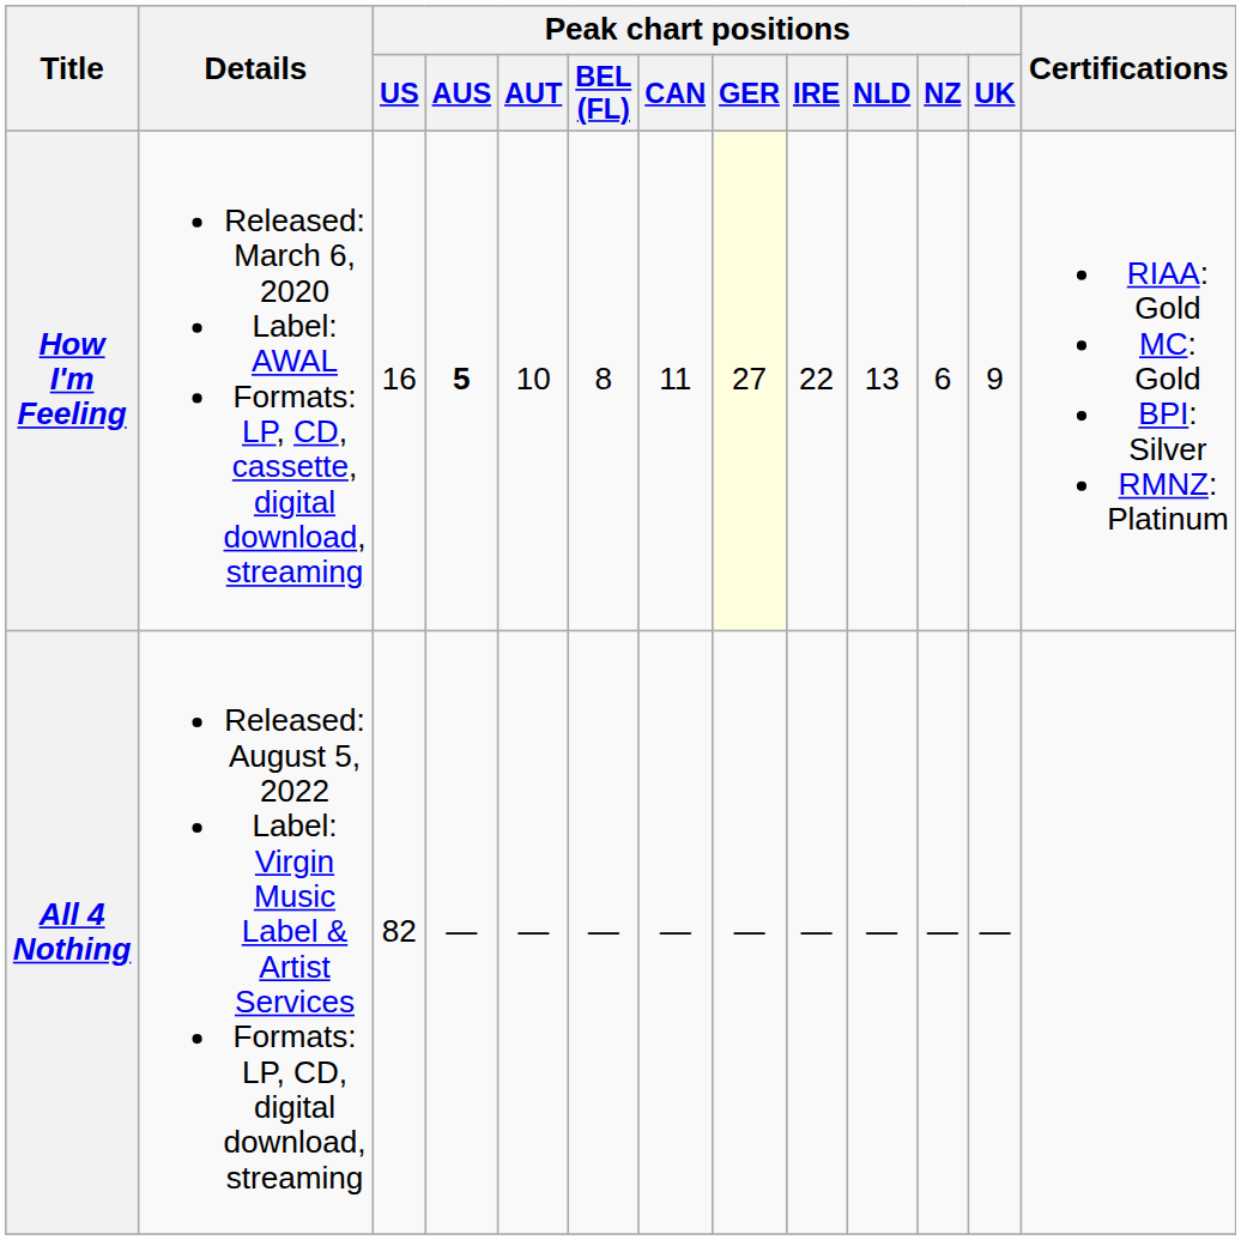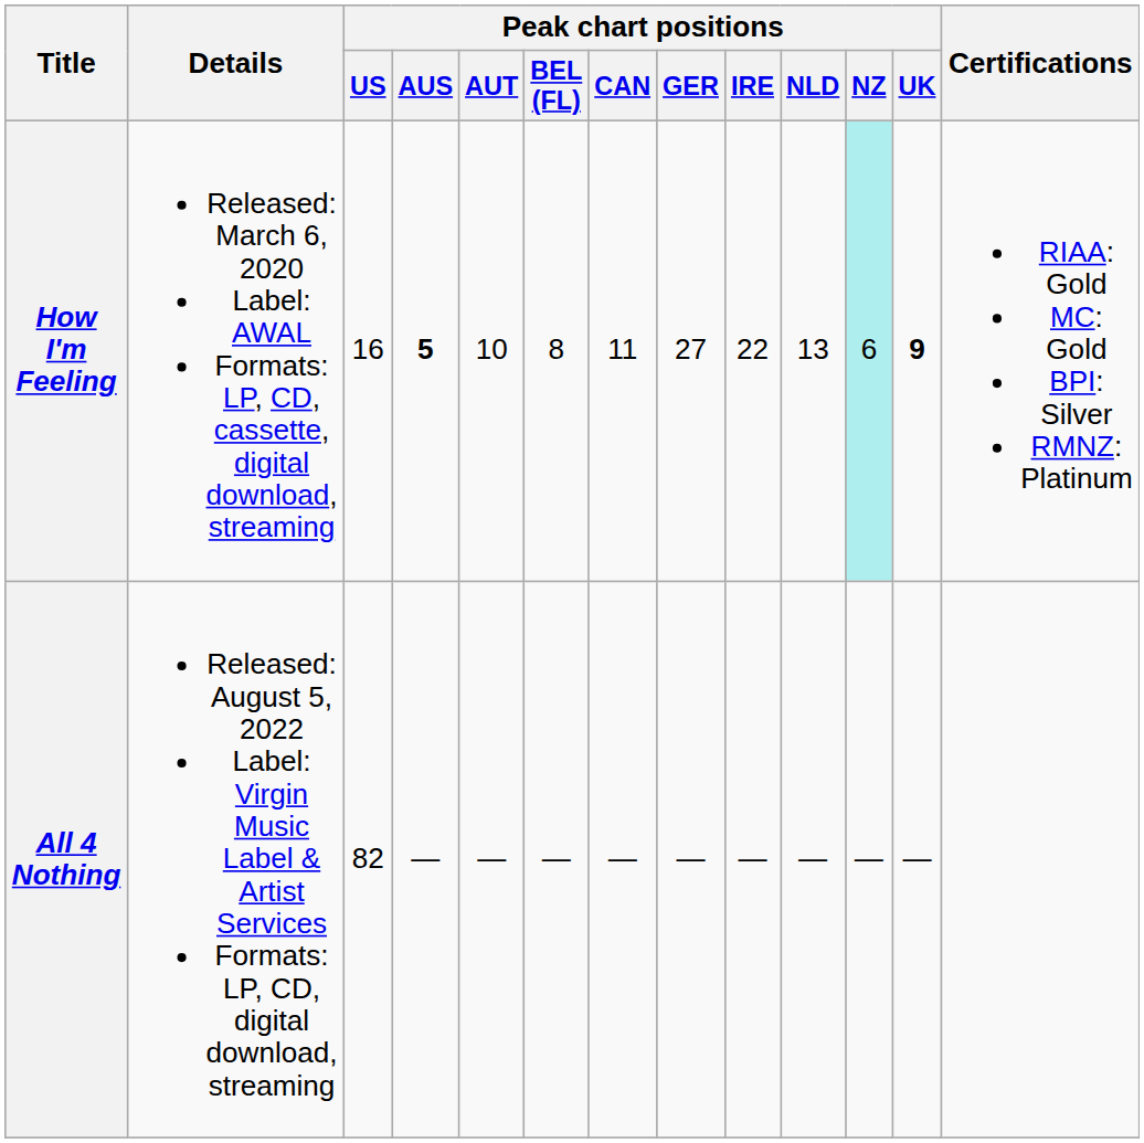 <table class="wikitable plainrowheaders" style="text-align:center">
 <tr>
 <th scope="col" rowspan="2" style="width:10em;">Title</th>
 <th scope="col" rowspan="2" style="width:18em;">Details</th>
 <th scope="col" colspan="10">Peak chart positions</th>
 <th scope="col" rowspan="2">Certifications</th>
 </tr>
 <tr>
 <th scope="col" style="width:3em;font-size:90%;"><a href='#'>US</a><br></th>
 <th scope="col" style="width:3em;font-size:90%;"><a href='#'>AUS</a><br></th>
 <th scope="col" style="width:3em;font-size:90%;"><a href='#'>AUT</a><br></th>
 <th scope="col" style="width:3em;font-size:90%;"><a href='#'>BEL<br>(FL)</a><br></th>
 <th scope="col" style="width:3em;font-size:90%;"><a href='#'>CAN</a><br></th>
 <th scope="col" style="width:3em;font-size:90%;"><a href='#'>GER</a><br></th>
 <th scope="col" style="width:3em;font-size:90%;"><a href='#'>IRE</a><br></th>
 <th scope="col" style="width:3em;font-size:90%;"><a href='#'>NLD</a><br></th>
 <th scope="col" style="width:3em;font-size:90%;"><a href='#'>NZ</a><br></th>
 <th scope="col" style="width:3em;font-size:90%;"><a href='#'>UK</a><br></th>
 </tr>
 <tr>
 <th scope="row"><em><a href='#'>How I'm Feeling</a></em></th>
 <td><br><ul><li>Released: March 6, 2020</li><li>Label: <a href='#'>AWAL</a></li><li>Formats: <a href='#'>LP</a>, <a href='#'>CD</a>, <a href='#'>cassette</a>, <a href='#'>digital download</a>, <a href='#'>streaming</a></li></ul></td>
 <td>16</td>
 <td><strong>5</strong></td>
 <td>10</td>
 <td>8</td>
 <td>11</td>
-<td style="background: lightyellow;">27</td>
+<td>27</td>
 <td>22</td>
 <td>13</td>
-<td>6</td>
-<td>9</td>
+<td style="background: paleturquoise;">6</td>
+<td><strong>9</strong></td>
 <td><br><ul><li><a href='#'>RIAA</a>: Gold</li><li><a href='#'>MC</a>: Gold</li><li><a href='#'>BPI</a>: Silver</li><li><a href='#'>RMNZ</a>: Platinum</li></ul></td>
 </tr>
 <tr>
 <th scope="row"><em><a href='#'>All 4 Nothing</a></em></th>
 <td><br><ul><li>Released: August 5, 2022</li><li>Label: <a href='#'>Virgin Music Label & Artist Services</a></li><li>Formats: LP, CD, digital download, streaming</li></ul></td>
 <td>82</td>
 <td>—</td>
 <td>—</td>
 <td>—</td>
 <td>—</td>
 <td>—</td>
 <td>—</td>
 <td>—</td>
 <td>—</td>
 <td>—</td>
 <td></td>
 </tr>
 </table>
